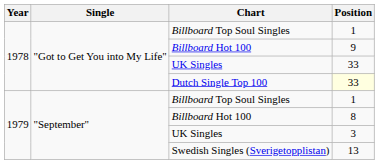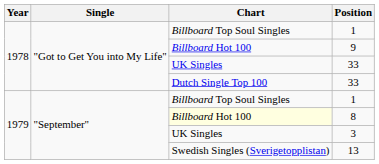 <table class="wikitable">
 <tr>
 <th>Year</th>
 <th>Single</th>
 <th>Chart</th>
 <th>Position</th>
 </tr>
 <tr>
 <td rowspan="4">1978</td>
 <td rowspan="4">"Got to Get You into My Life"</td>
 <td><em>Billboard</em> Top Soul Singles</td>
 <td style="text-align:center;">1</td>
 </tr>
 <tr>
 <td><a href='#'><em>Billboard</em> Hot 100</a></td>
 <td style="text-align:center;">9</td>
 </tr>
 <tr>
 <td><a href='#'>UK Singles</a></td>
 <td style="text-align:center;">33</td>
 </tr>
 <tr>
 <td><a href='#'>Dutch Single Top 100</a></td>
-<td style="background: lightyellow; text-align:center;">33</td>
+<td style="text-align:center;">33</td>
 </tr>
 <tr>
 <td rowspan="4">1979</td>
 <td rowspan="4">"September"</td>
 <td><em>Billboard</em> Top Soul Singles</td>
 <td style="text-align:center;">1</td>
 </tr>
 <tr>
-<td><em>Billboard</em> Hot 100</td>
+<td style="background: lightyellow;"><em>Billboard</em> Hot 100</td>
 <td style="text-align:center;">8</td>
 </tr>
 <tr>
 <td>UK Singles</td>
 <td style="text-align:center;">3</td>
 </tr>
 <tr>
 <td>Swedish Singles (<a href='#'>Sverigetopplistan</a>)</td>
 <td style="text-align:center;">13</td>
 </tr>
 </table>
